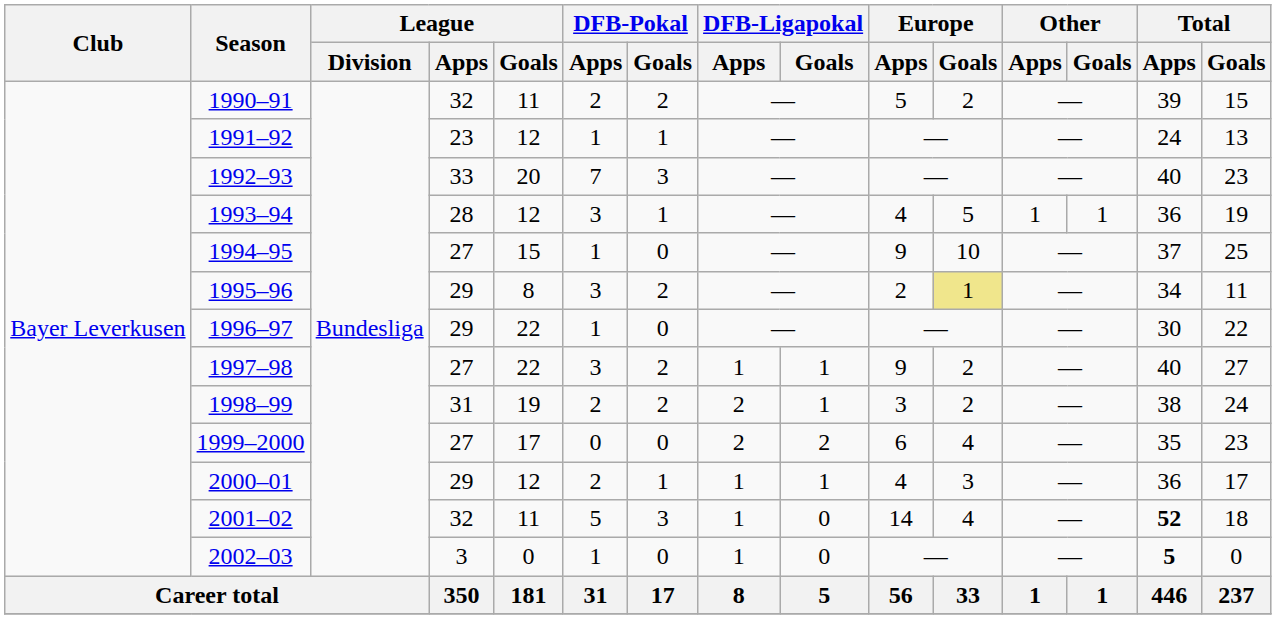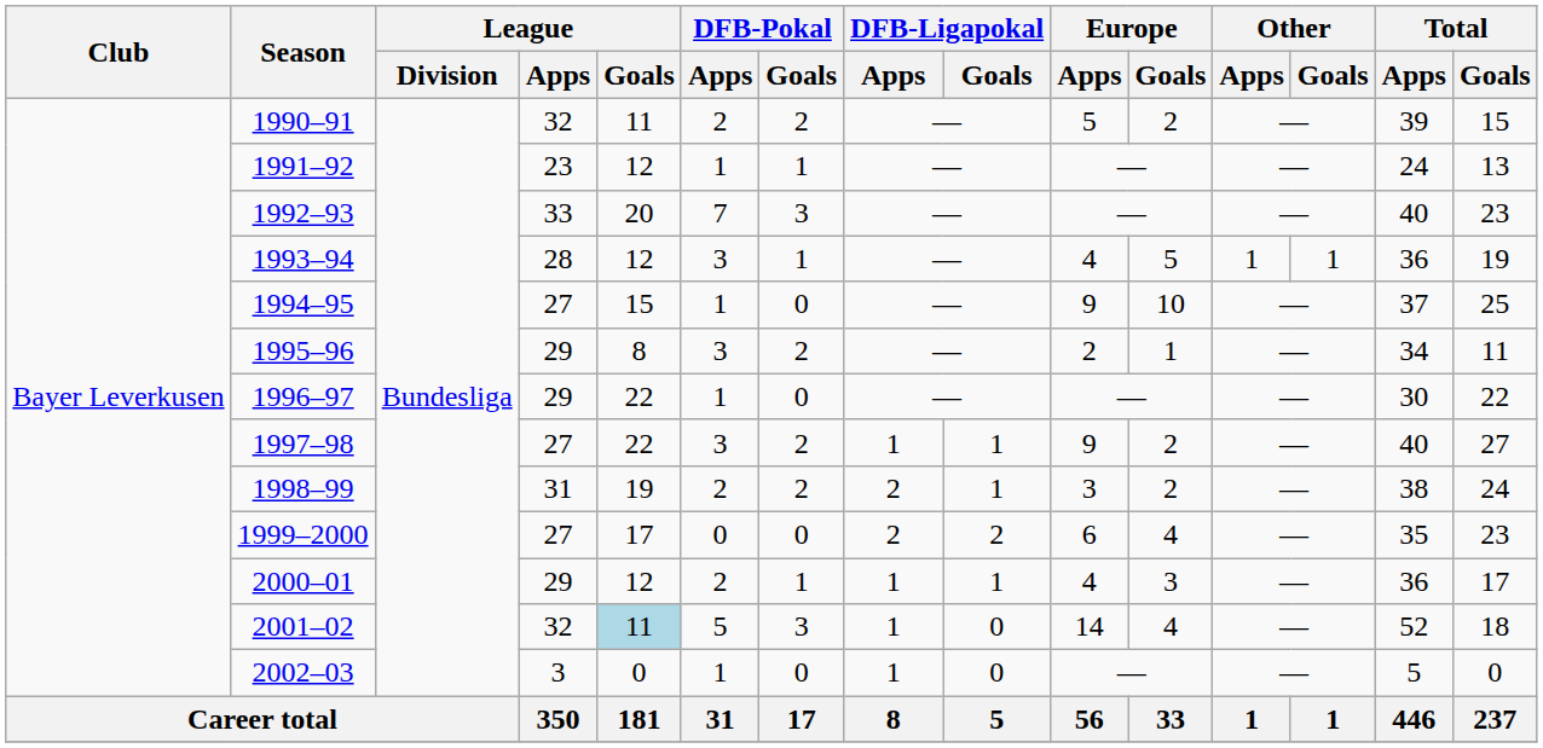 <table class="wikitable" style="text-align: center">
 <tr>
 <th rowspan="2">Club</th>
 <th rowspan="2">Season</th>
 <th colspan="3">League</th>
 <th colspan="2"><a href='#'>DFB-Pokal</a></th>
 <th colspan="2"><a href='#'>DFB-Ligapokal</a></th>
 <th colspan="2">Europe</th>
 <th colspan="2">Other</th>
 <th colspan="2">Total</th>
 </tr>
 <tr>
 <th>Division</th>
 <th>Apps</th>
 <th>Goals</th>
 <th>Apps</th>
 <th>Goals</th>
 <th>Apps</th>
 <th>Goals</th>
 <th>Apps</th>
 <th>Goals</th>
 <th>Apps</th>
 <th>Goals</th>
 <th>Apps</th>
 <th>Goals</th>
 </tr>
 <tr>
 <td rowspan="13"><a href='#'>Bayer Leverkusen</a></td>
 <td><a href='#'>1990–91</a></td>
 <td rowspan="13"><a href='#'>Bundesliga</a></td>
 <td>32</td>
 <td>11</td>
 <td>2</td>
 <td>2</td>
 <td colspan="2">—</td>
 <td>5</td>
 <td>2</td>
 <td colspan="2">—</td>
 <td>39</td>
 <td>15</td>
 </tr>
 <tr>
 <td><a href='#'>1991–92</a></td>
 <td>23</td>
 <td>12</td>
 <td>1</td>
 <td>1</td>
 <td colspan="2">—</td>
 <td colspan="2">—</td>
 <td colspan="2">—</td>
 <td>24</td>
 <td>13</td>
 </tr>
 <tr>
 <td><a href='#'>1992–93</a></td>
 <td>33</td>
 <td>20</td>
 <td>7</td>
 <td>3</td>
 <td colspan="2">—</td>
 <td colspan="2">—</td>
 <td colspan="2">—</td>
 <td>40</td>
 <td>23</td>
 </tr>
 <tr>
 <td><a href='#'>1993–94</a></td>
 <td>28</td>
 <td>12</td>
 <td>3</td>
 <td>1</td>
 <td colspan="2">—</td>
 <td>4</td>
 <td>5</td>
 <td>1</td>
 <td>1</td>
 <td>36</td>
 <td>19</td>
 </tr>
 <tr>
 <td><a href='#'>1994–95</a></td>
 <td>27</td>
 <td>15</td>
 <td>1</td>
 <td>0</td>
 <td colspan="2">—</td>
 <td>9</td>
 <td>10</td>
 <td colspan="2">—</td>
 <td>37</td>
 <td>25</td>
 </tr>
 <tr>
 <td><a href='#'>1995–96</a></td>
 <td>29</td>
 <td>8</td>
 <td>3</td>
 <td>2</td>
 <td colspan="2">—</td>
 <td>2</td>
-<td style="background: khaki;">1</td>
+<td>1</td>
 <td colspan="2">—</td>
 <td>34</td>
 <td>11</td>
 </tr>
 <tr>
 <td><a href='#'>1996–97</a></td>
 <td>29</td>
 <td>22</td>
 <td>1</td>
 <td>0</td>
 <td colspan="2">—</td>
 <td colspan="2">—</td>
 <td colspan="2">—</td>
 <td>30</td>
 <td>22</td>
 </tr>
 <tr>
 <td><a href='#'>1997–98</a></td>
 <td>27</td>
 <td>22</td>
 <td>3</td>
 <td>2</td>
 <td>1</td>
 <td>1</td>
 <td>9</td>
 <td>2</td>
 <td colspan="2">—</td>
 <td>40</td>
 <td>27</td>
 </tr>
 <tr>
 <td><a href='#'>1998–99</a></td>
 <td>31</td>
 <td>19</td>
 <td>2</td>
 <td>2</td>
 <td>2</td>
 <td>1</td>
 <td>3</td>
 <td>2</td>
 <td colspan="2">—</td>
 <td>38</td>
 <td>24</td>
 </tr>
 <tr>
 <td><a href='#'>1999–2000</a></td>
 <td>27</td>
 <td>17</td>
 <td>0</td>
 <td>0</td>
 <td>2</td>
 <td>2</td>
 <td>6</td>
 <td>4</td>
 <td colspan="2">—</td>
 <td>35</td>
 <td>23</td>
 </tr>
 <tr>
 <td><a href='#'>2000–01</a></td>
 <td>29</td>
 <td>12</td>
 <td>2</td>
 <td>1</td>
 <td>1</td>
 <td>1</td>
 <td>4</td>
 <td>3</td>
 <td colspan="2">—</td>
 <td>36</td>
 <td>17</td>
 </tr>
 <tr>
 <td><a href='#'>2001–02</a></td>
 <td>32</td>
-<td>11</td>
+<td style="background: lightblue;">11</td>
 <td>5</td>
 <td>3</td>
 <td>1</td>
 <td>0</td>
 <td>14</td>
 <td>4</td>
 <td colspan="2">—</td>
-<td><strong>52</strong></td>
+<td>52</td>
 <td>18</td>
 </tr>
 <tr>
 <td><a href='#'>2002–03</a></td>
 <td>3</td>
 <td>0</td>
 <td>1</td>
 <td>0</td>
 <td>1</td>
 <td>0</td>
 <td colspan="2">—</td>
 <td colspan="2">—</td>
-<td><strong>5</strong></td>
+<td>5</td>
 <td>0</td>
 </tr>
 <tr>
 <th colspan="3">Career total</th>
 <th>350</th>
 <th>181</th>
 <th>31</th>
 <th>17</th>
 <th>8</th>
 <th>5</th>
 <th>56</th>
 <th>33</th>
 <th>1</th>
 <th>1</th>
 <th>446</th>
 <th>237</th>
 </tr>
 <tr>
 </tr>
 </table>
